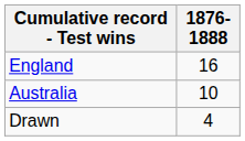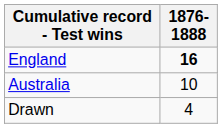 <table class="wikitable" style="text-align:center;">
 <tr>
 <th width="150">Cumulative record - Test wins</th>
 <th width="50">1876-1888</th>
 </tr>
 <tr>
 <td style="text-align:left;"><a href='#'>England</a></td>
-<td>16</td>
+<td><strong>16</strong></td>
 </tr>
 <tr>
 <td style="text-align:left;"><a href='#'>Australia</a></td>
 <td>10</td>
 </tr>
 <tr>
 <td style="text-align:left;">Drawn</td>
 <td>4</td>
 </tr>
 </table>
